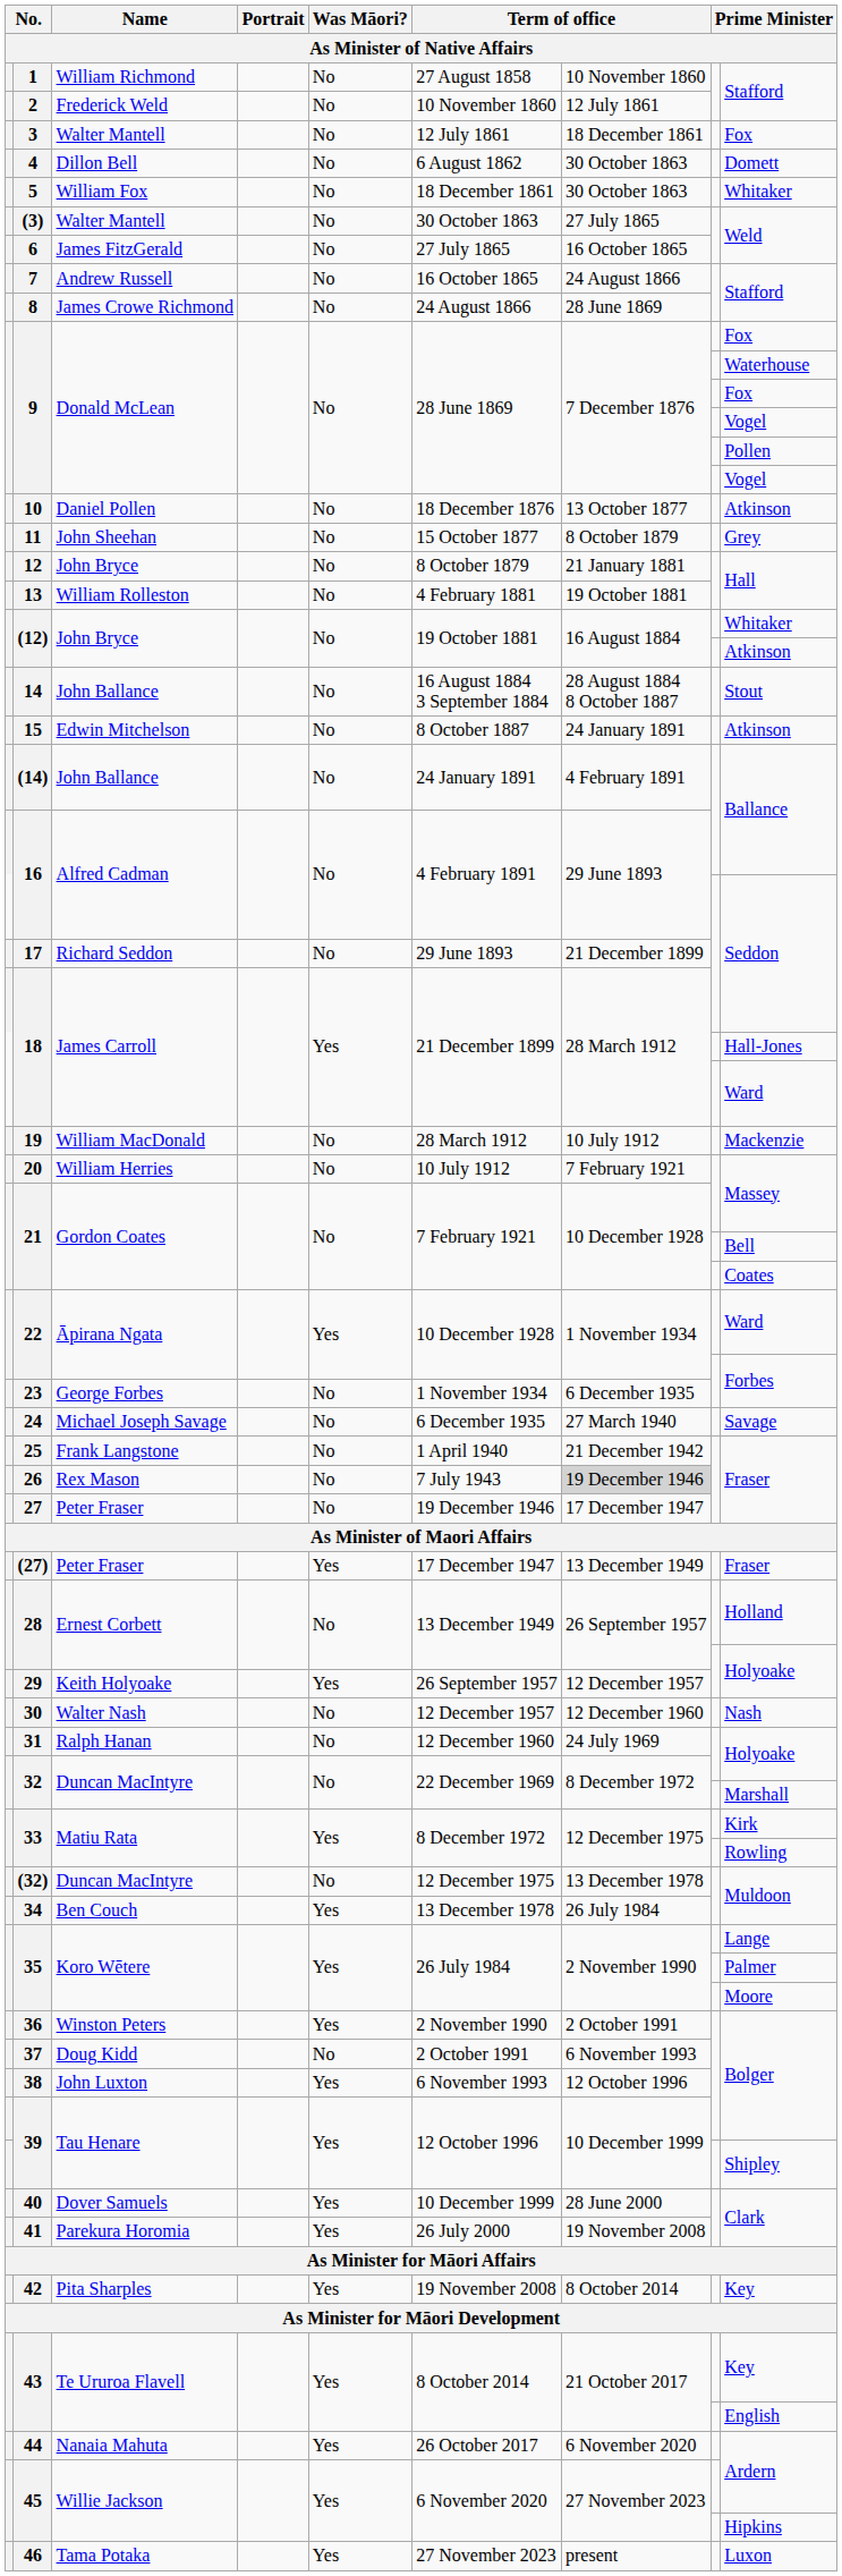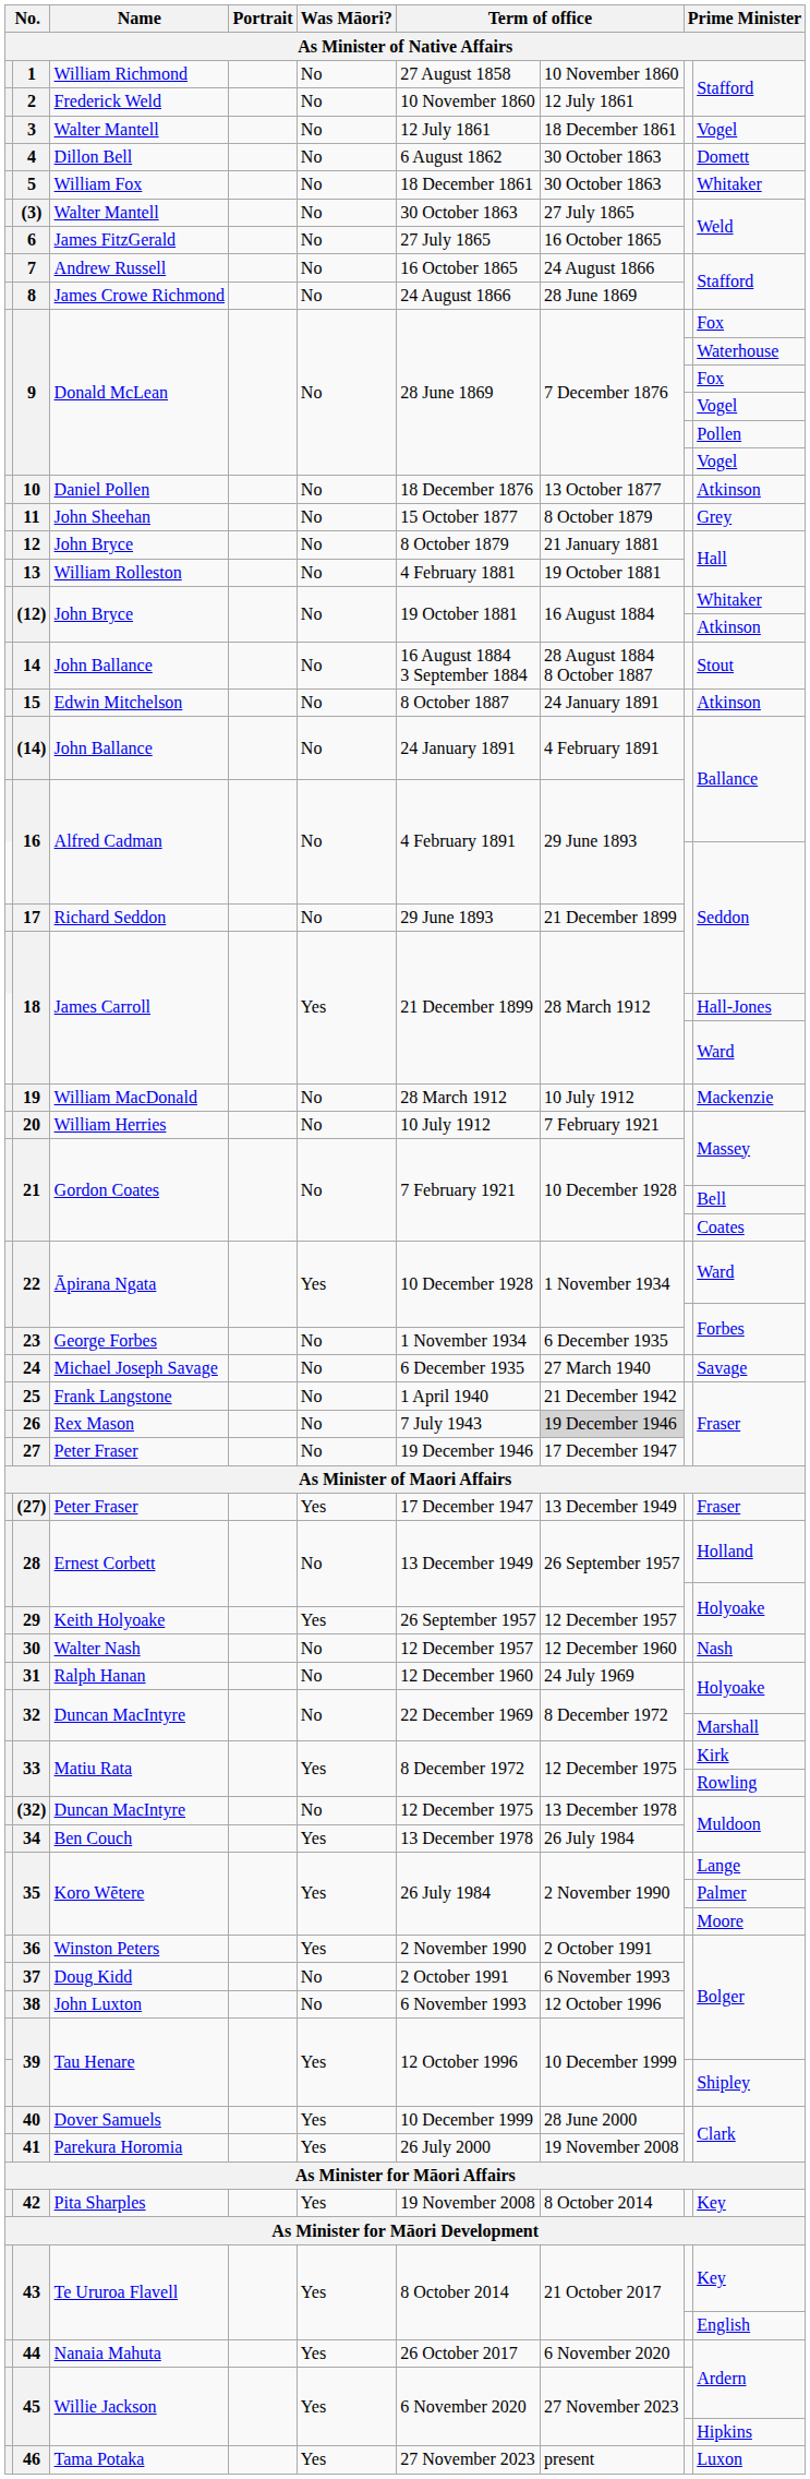 <table class="wikitable">
 <tr>
 <th colspan=2>No.</th>
 <th>Name</th>
 <th>Portrait</th>
 <th>Was Māori?</th>
 <th colspan=2>Term of office</th>
 <th colspan=2>Prime Minister</th>
 </tr>
 <tr>
 </tr>
 <tr>
 <th colspan=9>As Minister of Native Affairs</th>
 </tr>
 <tr>
 <th style="color:inherit;background:"></th>
 <th>1</th>
 <td><a href='#'>William Richmond</a></td>
 <td></td>
 <td>No</td>
 <td>27 August 1858</td>
 <td>10 November 1860</td>
 <td width=1 rowspan=2 style="color:inherit;background:"></td>
 <td rowspan=2><a href='#'>Stafford</a></td>
 </tr>
 <tr>
 <th style="color:inherit;background:"></th>
 <th>2</th>
 <td><a href='#'>Frederick Weld</a></td>
 <td></td>
 <td>No</td>
 <td>10 November 1860</td>
 <td>12 July 1861</td>
 </tr>
 <tr>
 <th style="color:inherit;background:"></th>
 <th>3</th>
 <td><a href='#'>Walter Mantell</a></td>
 <td></td>
 <td>No</td>
 <td>12 July 1861</td>
 <td>18 December 1861</td>
 <td style="color:inherit;background:"></td>
-<td><a href='#'>Fox</a></td>
+<td><a href='#'>Vogel</a></td>
 </tr>
 <tr>
 <th style="color:inherit;background:"></th>
 <th>4</th>
 <td><a href='#'>Dillon Bell</a></td>
 <td></td>
 <td>No</td>
 <td>6 August 1862</td>
 <td>30 October 1863</td>
 <td style="color:inherit;background:"></td>
 <td><a href='#'>Domett</a></td>
 </tr>
 <tr>
 <th style="color:inherit;background:"></th>
 <th>5</th>
 <td><a href='#'>William Fox</a></td>
 <td></td>
 <td>No</td>
 <td>18 December 1861</td>
 <td>30 October 1863</td>
 <td style="color:inherit;background:"></td>
 <td><a href='#'>Whitaker</a></td>
 </tr>
 <tr>
 <th style="color:inherit;background:"></th>
 <th>(3)</th>
 <td><a href='#'>Walter Mantell</a></td>
 <td></td>
 <td>No</td>
 <td>30 October 1863</td>
 <td>27 July 1865</td>
 <td rowspan=2 style="color:inherit;background:"></td>
 <td rowspan=2><a href='#'>Weld</a></td>
 </tr>
 <tr>
 <th style="color:inherit;background:"></th>
 <th>6</th>
 <td><a href='#'>James FitzGerald</a></td>
 <td></td>
 <td>No</td>
 <td>27 July 1865</td>
 <td>16 October 1865</td>
 </tr>
 <tr>
 <th style="color:inherit;background:"></th>
 <th>7</th>
 <td><a href='#'>Andrew Russell</a></td>
 <td></td>
 <td>No</td>
 <td>16 October 1865</td>
 <td>24 August 1866</td>
 <td rowspan=2 style="color:inherit;background:"></td>
 <td rowspan=2><a href='#'>Stafford</a></td>
 </tr>
 <tr>
 <th style="color:inherit;background:"></th>
 <th>8</th>
 <td><a href='#'>James Crowe Richmond</a></td>
 <td></td>
 <td>No</td>
 <td>24 August 1866</td>
 <td>28 June 1869</td>
 </tr>
 <tr>
 <th rowspan=7 style="color:inherit;background:"></th>
 <th rowspan=7>9</th>
 <td rowspan=7><a href='#'>Donald McLean</a></td>
 <td rowspan=7></td>
 <td rowspan=7>No</td>
 <td rowspan=7>28 June 1869</td>
 <td rowspan=7>7 December 1876</td>
 <td style="color:inherit;background:"></td>
 <td><a href='#'>Fox</a></td>
 </tr>
 <tr>
 <td style="color:inherit;background:"></td>
 <td><a href='#'>Waterhouse</a></td>
 </tr>
 <tr>
 <td style="color:inherit;background:"></td>
 <td><a href='#'>Fox</a></td>
 </tr>
 <tr>
 <td style="color:inherit;background:"></td>
 <td><a href='#'>Vogel</a></td>
 </tr>
 <tr>
 <td style="color:inherit;background:"></td>
 <td><a href='#'>Pollen</a></td>
 </tr>
 <tr>
 <td style="color:inherit;background:"></td>
 <td><a href='#'>Vogel</a></td>
 </tr>
 <tr>
 <td rowspan=2 style="color:inherit;background:"></td>
 <td rowspan=2><a href='#'>Atkinson</a></td>
 </tr>
 <tr>
 <th style="color:inherit;background:"></th>
 <th>10</th>
 <td><a href='#'>Daniel Pollen</a></td>
 <td></td>
 <td>No</td>
 <td>18 December 1876</td>
 <td>13 October 1877</td>
 </tr>
 <tr>
 <th style="color:inherit;background:"></th>
 <th>11</th>
 <td><a href='#'>John Sheehan</a></td>
 <td></td>
 <td>No</td>
 <td>15 October 1877</td>
 <td>8 October 1879</td>
 <td style="color:inherit;background:"></td>
 <td><a href='#'>Grey</a></td>
 </tr>
 <tr>
 <th style="color:inherit;background:"></th>
 <th>12</th>
 <td><a href='#'>John Bryce</a></td>
 <td></td>
 <td>No</td>
 <td>8 October 1879</td>
 <td>21 January 1881</td>
 <td rowspan=3 style="color:inherit;background:"></td>
 <td rowspan=3><a href='#'>Hall</a></td>
 </tr>
 <tr>
 <th style="color:inherit;background:"></th>
 <th>13</th>
 <td><a href='#'>William Rolleston</a></td>
 <td></td>
 <td>No</td>
 <td>4 February 1881</td>
 <td>19 October 1881</td>
 </tr>
 <tr>
 <th rowspan=3 style="color:inherit;background:"></th>
 <th rowspan=3>(12)</th>
 <td rowspan=3><a href='#'>John Bryce</a></td>
 <td rowspan=3></td>
 <td rowspan=3>No</td>
 <td rowspan=3>19 October 1881</td>
 <td rowspan=3>16 August 1884</td>
 </tr>
 <tr>
 <td style="color:inherit;background:"></td>
 <td><a href='#'>Whitaker</a></td>
 </tr>
 <tr>
 <td style="color:inherit;background:"></td>
 <td><a href='#'>Atkinson</a></td>
 </tr>
 <tr>
 <th style="color:inherit;background:"></th>
 <th>14</th>
 <td><a href='#'>John Ballance</a></td>
 <td></td>
 <td>No</td>
 <td>16 August 1884<br>3 September 1884</td>
 <td>28 August 1884<br>8 October 1887</td>
 <td style="color:inherit;background:"></td>
 <td><a href='#'>Stout</a></td>
 </tr>
 <tr>
 <th style="color:inherit;background:"></th>
 <th>15</th>
 <td><a href='#'>Edwin Mitchelson</a></td>
 <td></td>
 <td>No</td>
 <td>8 October 1887</td>
 <td>24 January 1891</td>
 <td style="color:inherit;background:"></td>
 <td><a href='#'>Atkinson</a></td>
 </tr>
 <tr>
 <th height=50 style="color:inherit;background:"></th>
 <th>(14)</th>
 <td><a href='#'>John Ballance</a></td>
 <td></td>
 <td>No</td>
 <td>24 January 1891</td>
 <td>4 February 1891</td>
 <td rowspan=2 style="color:inherit;background:"></td>
 <td rowspan=2><a href='#'>Ballance</a></td>
 </tr>
 <tr>
 <th height=50 style="border-bottom:solid 0 grey; background:"></th>
 <th rowspan=2>16</th>
 <td rowspan=2><a href='#'>Alfred Cadman</a></td>
 <td rowspan=2></td>
 <td rowspan=2>No</td>
 <td rowspan=2>4 February 1891</td>
 <td rowspan=2>29 June 1893</td>
 </tr>
 <tr>
 <td height=50 style="border-top:solid 0 grey; background:"></td>
 <td rowspan=3 style="color:inherit;background:"></td>
 <td rowspan=3><a href='#'>Seddon</a></td>
 </tr>
 <tr>
 <th style="color:inherit;background:"></th>
 <th>17</th>
 <td><a href='#'>Richard Seddon</a></td>
 <td></td>
 <td>No</td>
 <td>29 June 1893</td>
 <td>21 December 1899</td>
 </tr>
 <tr>
 <th height=50 style="border-bottom:solid 0 grey; background:"></th>
 <th rowspan=3>18</th>
 <td rowspan=3><a href='#'>James Carroll</a></td>
 <td rowspan=3></td>
 <td rowspan=3>Yes</td>
 <td rowspan=3>21 December 1899</td>
 <td rowspan=3>28 March 1912</td>
 </tr>
 <tr>
 <td rowspan=2 style="border-top:solid 0 grey; background:"></td>
 <td style="color:inherit;background:"></td>
 <td><a href='#'>Hall-Jones</a></td>
 </tr>
 <tr>
 <td height=50 style="color:inherit;background:"></td>
 <td><a href='#'>Ward</a></td>
 </tr>
 <tr>
 <th style="color:inherit;background:"></th>
 <th>19</th>
 <td><a href='#'>William MacDonald</a></td>
 <td></td>
 <td>No</td>
 <td>28 March 1912</td>
 <td>10 July 1912</td>
 <td style="color:inherit;background:"></td>
 <td><a href='#'>Mackenzie</a></td>
 </tr>
 <tr>
 <th style="color:inherit;background:"></th>
 <th>20</th>
 <td><a href='#'>William Herries</a></td>
 <td></td>
 <td>No</td>
 <td>10 July 1912</td>
 <td>7 February 1921</td>
 <td style="border-bottom:solid 0 grey; background:"></td>
 <td rowspan=2><a href='#'>Massey</a></td>
 </tr>
 <tr>
 <th rowspan=3 style="color:inherit;background:"></th>
 <th rowspan=3>21</th>
 <td rowspan=3><a href='#'>Gordon Coates</a></td>
 <td rowspan=3></td>
 <td rowspan=3>No</td>
 <td rowspan=3>7 February 1921</td>
 <td rowspan=3>10 December 1928</td>
 <td height=36 style="border-top:solid 0 grey; background:"></td>
 </tr>
 <tr>
 <td style="color:inherit;background:"></td>
 <td><a href='#'>Bell</a></td>
 </tr>
 <tr>
 <td style="color:inherit;background:"></td>
 <td><a href='#'>Coates</a></td>
 </tr>
 <tr>
 <th height=50 style="border-bottom:solid 0 grey; background:"></th>
 <th rowspan=2>22</th>
 <td rowspan=2><a href='#'>Āpirana Ngata</a></td>
 <td rowspan=2></td>
 <td rowspan=2>Yes</td>
 <td rowspan=2>10 December 1928</td>
 <td rowspan=2>1 November 1934</td>
 <td style="color:inherit;background:"></td>
 <td><a href='#'>Ward</a></td>
 </tr>
 <tr>
 <th height=15 style="border-top:solid 0 grey; background:"></th>
 <td style="border-bottom:solid 0 grey; background:"></td>
 <td rowspan=2><a href='#'>Forbes</a></td>
 </tr>
 <tr>
 <th style="color:inherit;background:"></th>
 <th>23</th>
 <td><a href='#'>George Forbes</a></td>
 <td></td>
 <td>No</td>
 <td>1 November 1934</td>
 <td>6 December 1935</td>
 <td style="border-top:solid 0 grey; background:"></td>
 </tr>
 <tr>
 <th style="color:inherit;background:"></th>
 <th>24</th>
 <td><a href='#'>Michael Joseph Savage</a></td>
 <td></td>
 <td>No</td>
 <td>6 December 1935</td>
 <td>27 March 1940</td>
 <td style="color:inherit;background:"></td>
 <td><a href='#'>Savage</a></td>
 </tr>
 <tr>
 <th style="color:inherit;background:"></th>
 <th>25</th>
 <td><a href='#'>Frank Langstone</a></td>
 <td></td>
 <td>No</td>
 <td>1 April 1940</td>
 <td>21 December 1942</td>
 <td rowspan=3 style="color:inherit;background:"></td>
 <td rowspan=3><a href='#'>Fraser</a></td>
 </tr>
 <tr>
 <th style="color:inherit;background:"></th>
 <th>26</th>
 <td><a href='#'>Rex Mason</a></td>
 <td></td>
 <td>No</td>
 <td>7 July 1943</td>
 <td style="background: lightgrey;">19 December 1946</td>
 </tr>
 <tr>
 <th style="color:inherit;background:"></th>
 <th>27</th>
 <td><a href='#'>Peter Fraser</a></td>
 <td></td>
 <td>No</td>
 <td>19 December 1946</td>
 <td>17 December 1947</td>
 </tr>
 <tr>
 <th colspan=9>As Minister of Maori Affairs</th>
 </tr>
 <tr>
 <th style="color:inherit;background:"></th>
 <th>(27)</th>
 <td><a href='#'>Peter Fraser</a></td>
 <td></td>
 <td>Yes</td>
 <td>17 December 1947</td>
 <td>13 December 1949</td>
 <td style="color:inherit;background:"></td>
 <td><a href='#'>Fraser</a></td>
 </tr>
 <tr>
 <th height=50 style="border-bottom:solid 0 grey; background:"></th>
 <th rowspan=2>28</th>
 <td rowspan=2><a href='#'>Ernest Corbett</a></td>
 <td rowspan=2></td>
 <td rowspan=2>No</td>
 <td rowspan=2>13 December 1949</td>
 <td rowspan=2>26 September 1957</td>
 <td style="color:inherit;background:"></td>
 <td><a href='#'>Holland</a></td>
 </tr>
 <tr>
 <th height=15 style="border-top:solid 0 grey; background:"></th>
 <td style="border-bottom:solid 0 grey; background:"></td>
 <td rowspan=2><a href='#'>Holyoake</a></td>
 </tr>
 <tr>
 <th style="color:inherit;background:"></th>
 <th>29</th>
 <td><a href='#'>Keith Holyoake</a></td>
 <td></td>
 <td>Yes</td>
 <td>26 September 1957</td>
 <td>12 December 1957</td>
 <td style="border-top:solid 0 grey; background:"></td>
 </tr>
 <tr>
 <th style="color:inherit;background:"></th>
 <th>30</th>
 <td><a href='#'>Walter Nash</a></td>
 <td></td>
 <td>No</td>
 <td>12 December 1957</td>
 <td>12 December 1960</td>
 <td style="color:inherit;background:"></td>
 <td><a href='#'>Nash</a></td>
 </tr>
 <tr>
 <th style="color:inherit;background:"></th>
 <th>31</th>
 <td><a href='#'>Ralph Hanan</a></td>
 <td></td>
 <td>No</td>
 <td>12 December 1960</td>
 <td>24 July 1969</td>
 <td rowspan=2 style="color:inherit;background:"></td>
 <td rowspan=2><a href='#'>Holyoake</a></td>
 </tr>
 <tr>
 <th height=15 style="border-bottom:solid 0 grey; background:"></th>
 <th rowspan=2>32</th>
 <td rowspan=2><a href='#'>Duncan MacIntyre</a></td>
 <td rowspan=2></td>
 <td rowspan=2>No</td>
 <td rowspan=2>22 December 1969</td>
 <td rowspan=2>8 December 1972</td>
 </tr>
 <tr>
 <th height=15 style="border-top:solid 0 grey; background:"></th>
 <td style="color:inherit;background:"></td>
 <td><a href='#'>Marshall</a></td>
 </tr>
 <tr>
 <th rowspan=2 style="color:inherit;background:"></th>
 <th rowspan=2>33</th>
 <td rowspan=2><a href='#'>Matiu Rata</a></td>
 <td rowspan=2></td>
 <td rowspan=2>Yes</td>
 <td rowspan=2>8 December 1972</td>
 <td rowspan=2>12 December 1975</td>
 <td style="color:inherit;background:"></td>
 <td><a href='#'>Kirk</a></td>
 </tr>
 <tr>
 <td style="color:inherit;background:"></td>
 <td><a href='#'>Rowling</a></td>
 </tr>
 <tr>
 <th style="color:inherit;background:"></th>
 <th>(32)</th>
 <td><a href='#'>Duncan MacIntyre</a></td>
 <td></td>
 <td>No</td>
 <td>12 December 1975</td>
 <td>13 December 1978</td>
 <td rowspan=2 style="color:inherit;background:"></td>
 <td rowspan=2><a href='#'>Muldoon</a></td>
 </tr>
 <tr>
 <th style="color:inherit;background:"></th>
 <th>34</th>
 <td><a href='#'>Ben Couch</a></td>
 <td></td>
 <td>Yes</td>
 <td>13 December 1978</td>
 <td>26 July 1984</td>
 </tr>
 <tr>
 <th rowspan=3 style="color:inherit;background:"></th>
 <th rowspan=3>35</th>
 <td rowspan=3><a href='#'>Koro Wētere</a></td>
 <td rowspan=3></td>
 <td rowspan=3>Yes</td>
 <td rowspan=3>26 July 1984</td>
 <td rowspan=3>2 November 1990</td>
 <td style="color:inherit;background:"></td>
 <td><a href='#'>Lange</a></td>
 </tr>
 <tr>
 <td style="color:inherit;background:"></td>
 <td><a href='#'>Palmer</a></td>
 </tr>
 <tr>
 <td style="color:inherit;background:"></td>
 <td><a href='#'>Moore</a></td>
 </tr>
 <tr>
 <th style="color:inherit;background:"></th>
 <th>36</th>
 <td><a href='#'>Winston Peters</a></td>
 <td></td>
 <td>Yes</td>
 <td>2 November 1990</td>
 <td>2 October 1991</td>
 <td rowspan=4 style="color:inherit;background:"></td>
 <td rowspan=4><a href='#'>Bolger</a></td>
 </tr>
 <tr>
 <th style="color:inherit;background:"></th>
 <th>37</th>
 <td><a href='#'>Doug Kidd</a></td>
 <td></td>
 <td>No</td>
 <td>2 October 1991</td>
 <td>6 November 1993</td>
 </tr>
 <tr>
 <th style="color:inherit;background:"></th>
 <th>38</th>
 <td><a href='#'>John Luxton</a></td>
 <td></td>
-<td>Yes</td>
+<td>No</td>
 <td>6 November 1993</td>
 <td>12 October 1996</td>
 </tr>
 <tr>
 <th height=30 style="color:inherit;background:"></th>
 <th rowspan=2>39</th>
 <td rowspan=2><a href='#'>Tau Henare</a></td>
 <td rowspan=2></td>
 <td rowspan=2>Yes</td>
 <td rowspan=2>12 October 1996</td>
 <td rowspan=2>10 December 1999</td>
 </tr>
 <tr>
 <th height=15 style="border-top:solid 0 grey; background:"></th>
 <td height=36 style="color:inherit;background:"></td>
 <td><a href='#'>Shipley</a></td>
 </tr>
 <tr>
 <th style="color:inherit;background:"></th>
 <th>40</th>
 <td><a href='#'>Dover Samuels</a></td>
 <td></td>
 <td>Yes</td>
 <td>10 December 1999</td>
 <td>28 June 2000</td>
 <td rowspan=2 style="color:inherit;background:"></td>
 <td rowspan=2><a href='#'>Clark</a></td>
 </tr>
 <tr>
 <th style="color:inherit;background:"></th>
 <th>41</th>
 <td><a href='#'>Parekura Horomia</a></td>
 <td></td>
 <td>Yes</td>
 <td>26 July 2000</td>
 <td>19 November 2008</td>
 </tr>
 <tr>
 <th colspan=9>As Minister for Māori Affairs</th>
 </tr>
 <tr>
 <th style="color:inherit;background:"></th>
 <th>42</th>
 <td><a href='#'>Pita Sharples</a></td>
 <td></td>
 <td>Yes</td>
 <td>19 November 2008</td>
 <td>8 October 2014</td>
 <td style="color:inherit;background:"></td>
 <td><a href='#'>Key</a></td>
 </tr>
 <tr>
 <th colspan=9>As Minister for Māori Development</th>
 </tr>
 <tr>
 <th rowspan=2 style="color:inherit;background:"></th>
 <th rowspan=2>43</th>
 <td rowspan=2><a href='#'>Te Ururoa Flavell</a></td>
 <td rowspan=2></td>
 <td rowspan=2>Yes</td>
 <td rowspan=2>8 October 2014</td>
 <td rowspan=2>21 October 2017</td>
 <td style="color:inherit;background:"></td>
 <td><br><a href='#'>Key</a><br> </td>
 </tr>
 <tr>
 <td style="color:inherit;background:"></td>
 <td><a href='#'>English</a></td>
 </tr>
 <tr>
 <th style="color:inherit;background:"></th>
 <th>44</th>
 <td><a href='#'>Nanaia Mahuta</a></td>
 <td></td>
 <td>Yes</td>
 <td>26 October 2017</td>
 <td>6 November 2020</td>
 <td style="color:inherit;background:"></td>
 <td rowspan=2><a href='#'>Ardern</a></td>
 </tr>
 <tr>
 <th height=40 style="border-bottom:solid 0 grey; background:"></th>
 <th rowspan="2">45</th>
 <td rowspan="2"><a href='#'>Willie Jackson</a></td>
 <td rowspan="2"></td>
 <td rowspan="2">Yes</td>
 <td rowspan="2">6 November 2020</td>
 <td rowspan="2">27 November 2023</td>
 </tr>
 <tr>
 <th height=15 style="border-top:solid 0 grey; background:"></th>
 <td style="color:inherit;background:"></td>
 <td><a href='#'>Hipkins</a></td>
 </tr>
 <tr>
 <th style="color:inherit;background:"></th>
 <th>46</th>
 <td><a href='#'>Tama Potaka</a></td>
 <td></td>
 <td>Yes</td>
 <td>27 November 2023</td>
 <td>present</td>
 <td style="color:inherit;background:"></td>
 <td><a href='#'>Luxon</a></td>
 </tr>
 </table>
